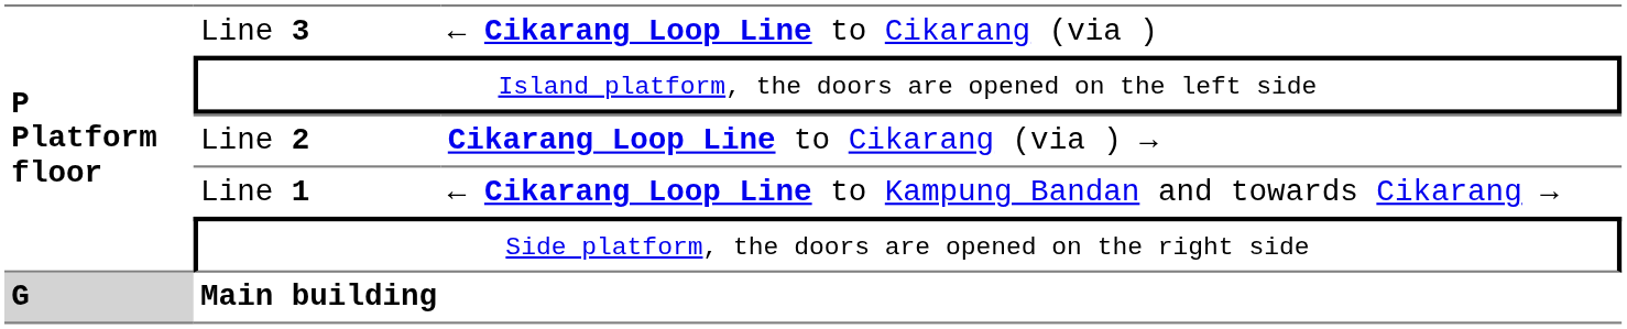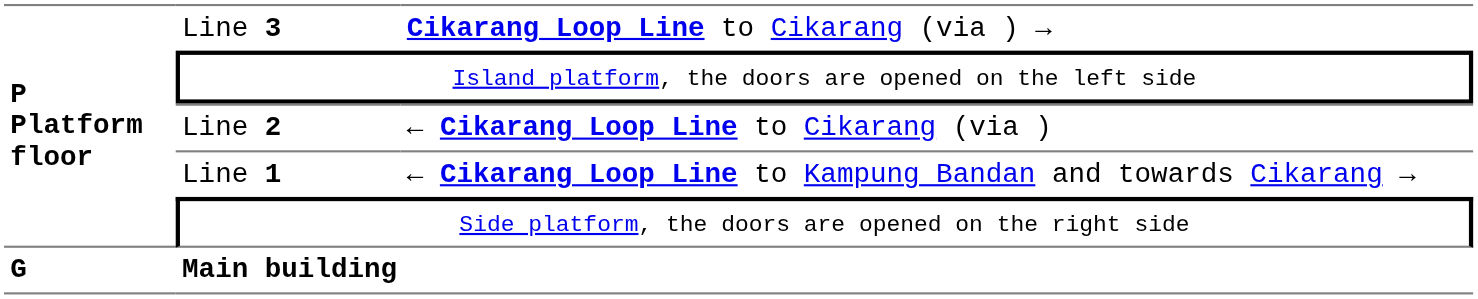 <table cellspacing=0 cellpadding=3>
 <tr style="background:2d2a70; color:white;">
 </tr>
 <tr>
 <td rowspan=5 style="border-top:solid 1px gray; border-bottom:solid 1px gray" width="75"><strong>P<br>Platform floor</strong></td>
 <td style="border-top:solid 1px gray;">Line <strong>3</strong></td>
-<td style="border-top:solid 1px gray;">←   <strong><a href='#'>Cikarang Loop Line</a></strong> to <a href='#'>Cikarang</a> (via )</td>
+<td style="border-top:solid 1px gray;" width="500"> <strong><a href='#'>Cikarang Loop Line</a></strong> to <a href='#'>Cikarang</a> (via )  →</td>
 </tr>
 <tr>
 <td colspan="2" style="border-top:solid 2px black;border-right:solid 2px black;border-left:solid 2px black;border-bottom:solid 2px black;text-align:center;"><small><a href='#'>Island platform</a>, the doors are opened on the left side</small></td>
 </tr>
 <tr>
 <td style="border-top:solid 1px gray;" width="100">Line <strong>2</strong></td>
-<td style="border-top:solid 1px gray;" width="500"> <strong><a href='#'>Cikarang Loop Line</a></strong> to <a href='#'>Cikarang</a> (via )  →</td>
+<td style="border-top:solid 1px gray;">←   <strong><a href='#'>Cikarang Loop Line</a></strong> to <a href='#'>Cikarang</a> (via )</td>
 </tr>
 <tr>
 <td style="border-top:solid 1px gray;">Line <strong>1</strong></td>
 <td style="border-top:solid 1px gray;">←   <strong><a href='#'>Cikarang Loop Line</a></strong> to <a href='#'>Kampung Bandan</a> and towards <a href='#'>Cikarang</a>  →</td>
 </tr>
 <tr>
 <td colspan="2" style="border-bottom:solid 1px gray;border-right:solid 2px black;border-left:solid 2px black;border-top:solid 2px black;text-align:center;"><small><a href='#'>Side platform</a>, the doors are opened on the right side</small></td>
 </tr>
 <tr>
-<td style="background: lightgrey; border-bottom:solid 1px gray;"><strong>G</strong></td>
+<td style="border-bottom:solid 1px gray;"><strong>G</strong></td>
 <td colspan=2 style="border-bottom:solid 1px gray;"><strong>Main building</strong></td>
 </tr>
 </table>
